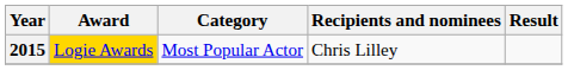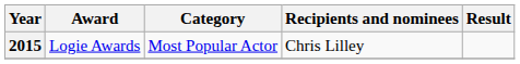 <table class="wikitable plainrowheaders" style="font-size: 95%;">
 <tr>
 <th scope="col">Year</th>
 <th scope="col">Award</th>
 <th scope="col">Category</th>
 <th scope="col">Recipients and nominees</th>
 <th scope="col">Result</th>
 </tr>
 <tr>
 <th scope="row">2015</th>
-<td style="background: gold;"><a href='#'>Logie Awards</a></td>
+<td><a href='#'>Logie Awards</a></td>
 <td><a href='#'>Most Popular Actor</a></td>
 <td>Chris Lilley</td>
 <td></td>
 </tr>
 <tr>
 </tr>
 </table>
